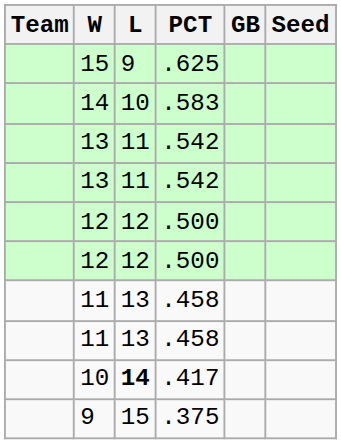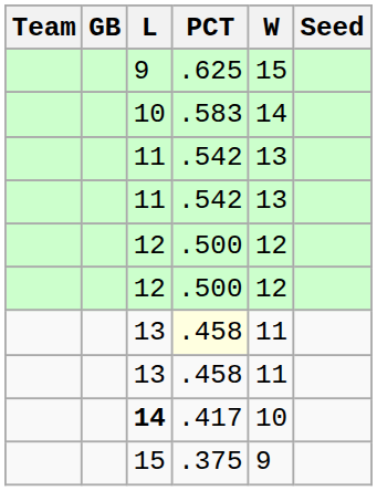 <table class=wikitable>
 <tr>
 <th>Team</th>
-<th>W</th>
+<th>GB</th>
 <th>L</th>
 <th>PCT</th>
-<th>GB</th>
+<th>W</th>
 <th>Seed</th>
 </tr>
 <tr bgcolor=#ccffcc>
 <td></td>
-<td>15</td>
+<td></td>
 <td>9</td>
 <td>.625</td>
-<td></td>
+<td>15</td>
 <td></td>
 </tr>
 <tr bgcolor=#ccffcc>
 <td></td>
-<td>14</td>
+<td></td>
 <td>10</td>
 <td>.583</td>
-<td></td>
+<td>14</td>
 <td></td>
 </tr>
 <tr bgcolor=#ccffcc>
 <td></td>
-<td>13</td>
+<td></td>
 <td>11</td>
 <td>.542</td>
-<td></td>
+<td>13</td>
 <td></td>
 </tr>
 <tr bgcolor=#ccffcc>
 <td></td>
-<td>13</td>
+<td></td>
 <td>11</td>
 <td>.542</td>
-<td></td>
+<td>13</td>
 <td></td>
 </tr>
 <tr bgcolor=#ccffcc>
 <td></td>
-<td>12</td>
+<td></td>
 <td>12</td>
 <td>.500</td>
-<td></td>
+<td>12</td>
 <td></td>
 </tr>
 <tr bgcolor=#ccffcc>
 <td></td>
-<td>12</td>
+<td></td>
 <td>12</td>
 <td>.500</td>
-<td></td>
+<td>12</td>
 <td></td>
 </tr>
 <tr>
 <td></td>
+<td></td>
+<td>13</td>
+<td style="background: lightyellow;">.458</td>
 <td>11</td>
-<td>13</td>
-<td>.458</td>
-<td></td>
 <td></td>
 </tr>
 <tr>
 <td></td>
-<td>11</td>
+<td></td>
 <td>13</td>
 <td>.458</td>
-<td></td>
+<td>11</td>
 <td></td>
 </tr>
 <tr>
 <td></td>
-<td>10</td>
+<td></td>
 <td><strong>14</strong></td>
 <td>.417</td>
-<td></td>
+<td>10</td>
 <td></td>
 </tr>
 <tr>
 <td></td>
-<td>9</td>
+<td></td>
 <td>15</td>
 <td>.375</td>
-<td></td>
+<td>9</td>
 <td></td>
 </tr>
 </table>
